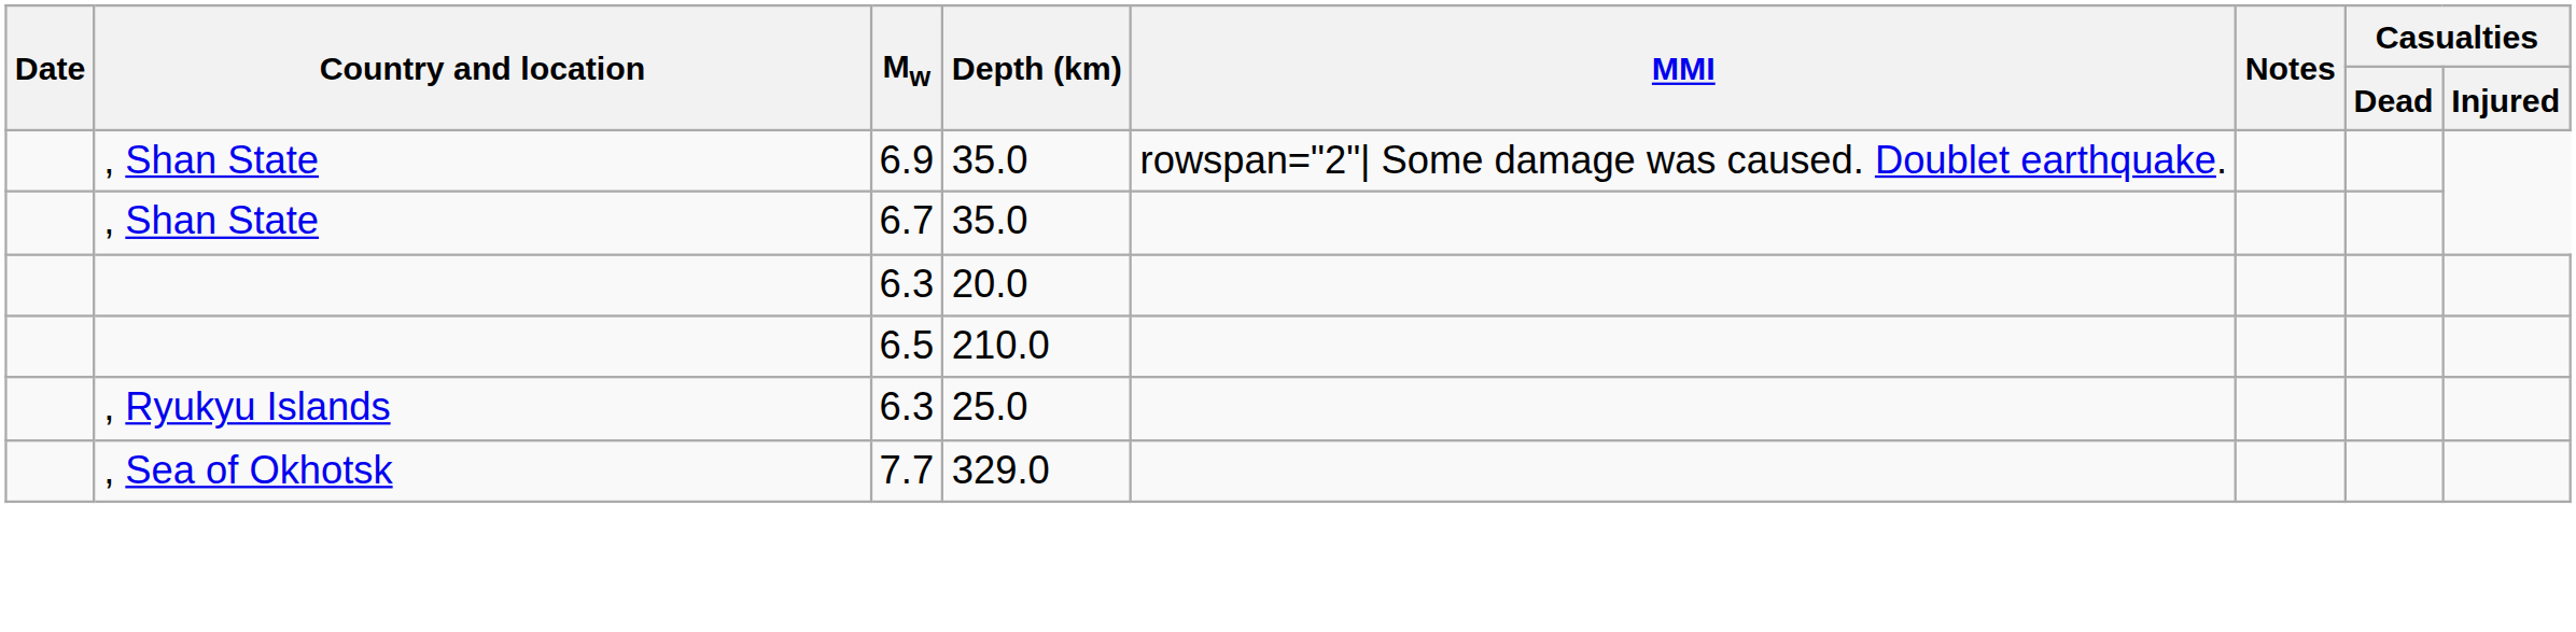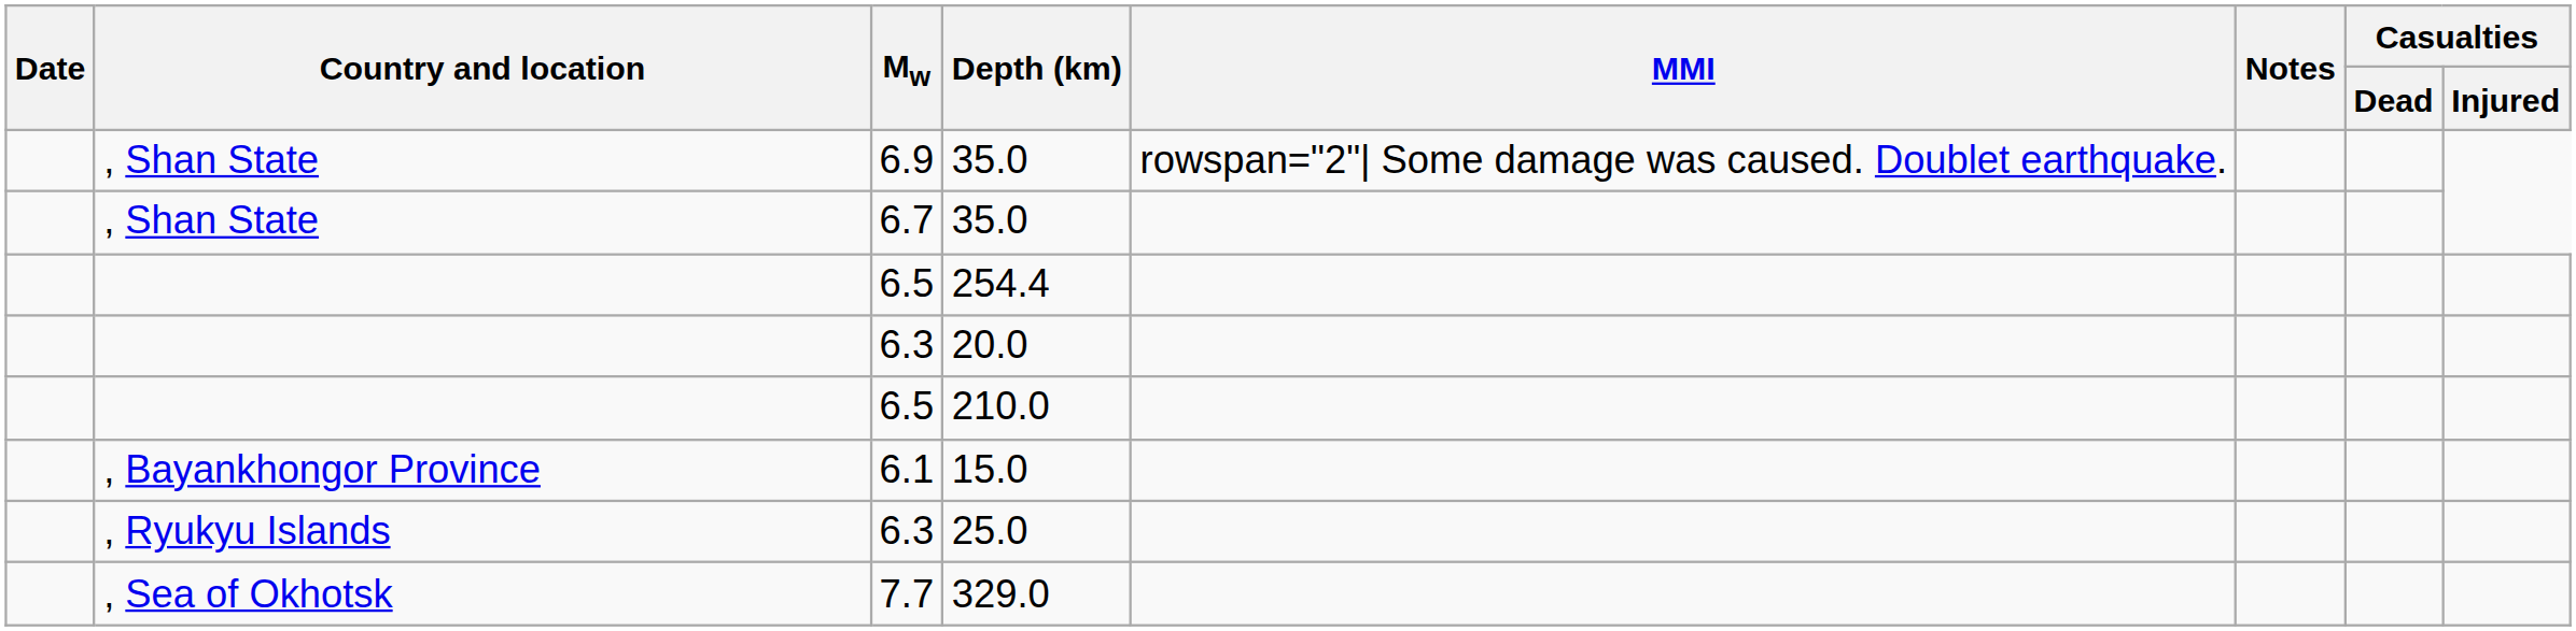 <table class="wikitable sortable sort-under" style="border:1px black; margin-left:1em;">
 <tr>
 <th rowspan="2"><small>Date</small></th>
 <th rowspan="2" style="width: 310px"><small>Country and location</small></th>
 <th rowspan="2"><small>M<sub>w</sub></small></th>
 <th rowspan="2"><small>Depth (km)</small></th>
 <th rowspan="2"><small><a href='#'>MMI</a></small></th>
 <th rowspan="2" class="unsortable"><small>Notes</small></th>
 <th colspan="2"><small>Casualties</small></th>
 </tr>
 <tr>
 <th><small>Dead</small></th>
 <th><small>Injured</small></th>
 </tr>
 <tr>
 <td></td>
 <td>, <a href='#'>Shan State</a></td>
 <td>6.9</td>
 <td>35.0</td>
 <td>rowspan="2"| Some damage was caused. <a href='#'>Doublet earthquake</a>.</td>
 <td></td>
 <td></td>
 </tr>
 <tr>
 <td></td>
 <td>, <a href='#'>Shan State</a></td>
 <td>6.7</td>
 <td>35.0</td>
 <td></td>
 <td></td>
 <td></td>
 </tr>
 <tr>
 <td></td>
 <td></td>
+<td>6.5</td>
+<td>254.4</td>
+<td></td>
+<td></td>
+<td></td>
+<td></td>
+</tr>
+<tr>
+<td></td>
+<td></td>
 <td>6.3</td>
 <td>20.0</td>
 <td></td>
 <td></td>
 <td></td>
 <td></td>
 </tr>
 <tr>
 <td></td>
 <td></td>
 <td>6.5</td>
 <td>210.0</td>
+<td></td>
+<td></td>
+<td></td>
+<td></td>
+</tr>
+<tr>
+<td></td>
+<td>, <a href='#'>Bayankhongor Province</a></td>
+<td>6.1</td>
+<td>15.0</td>
 <td></td>
 <td></td>
 <td></td>
 <td></td>
 </tr>
 <tr>
 <td></td>
 <td>, <a href='#'>Ryukyu Islands</a></td>
 <td>6.3</td>
 <td>25.0</td>
 <td></td>
 <td></td>
 <td></td>
 <td></td>
 </tr>
 <tr>
 <td></td>
 <td>, <a href='#'>Sea of Okhotsk</a></td>
 <td>7.7</td>
 <td>329.0</td>
 <td></td>
 <td></td>
 <td></td>
 <td></td>
 </tr>
 </table>
